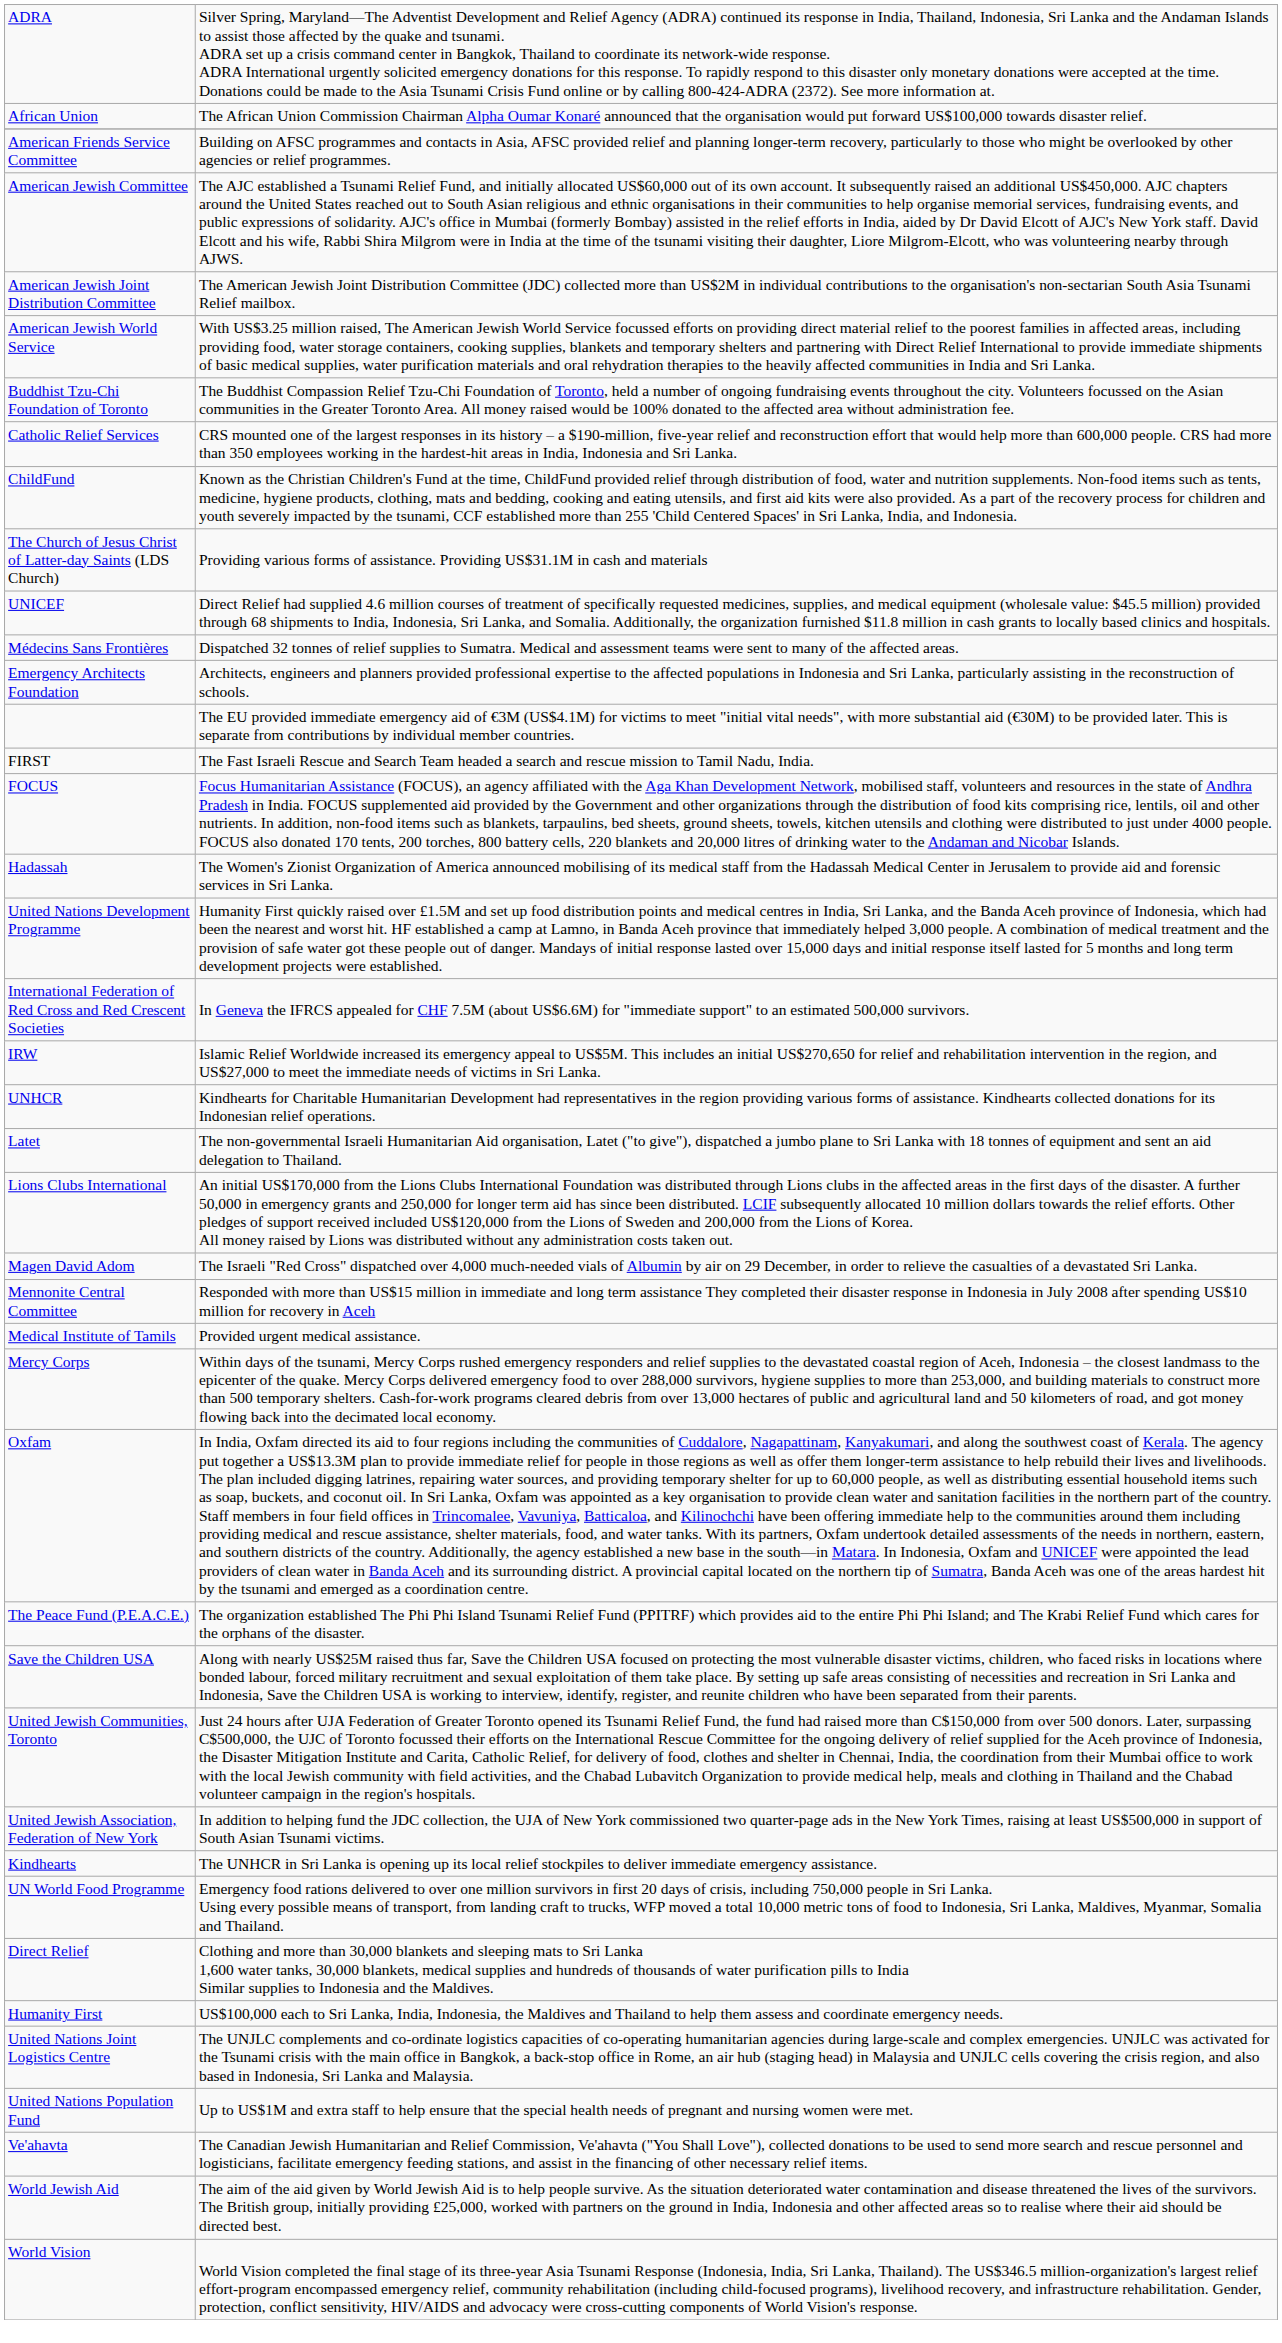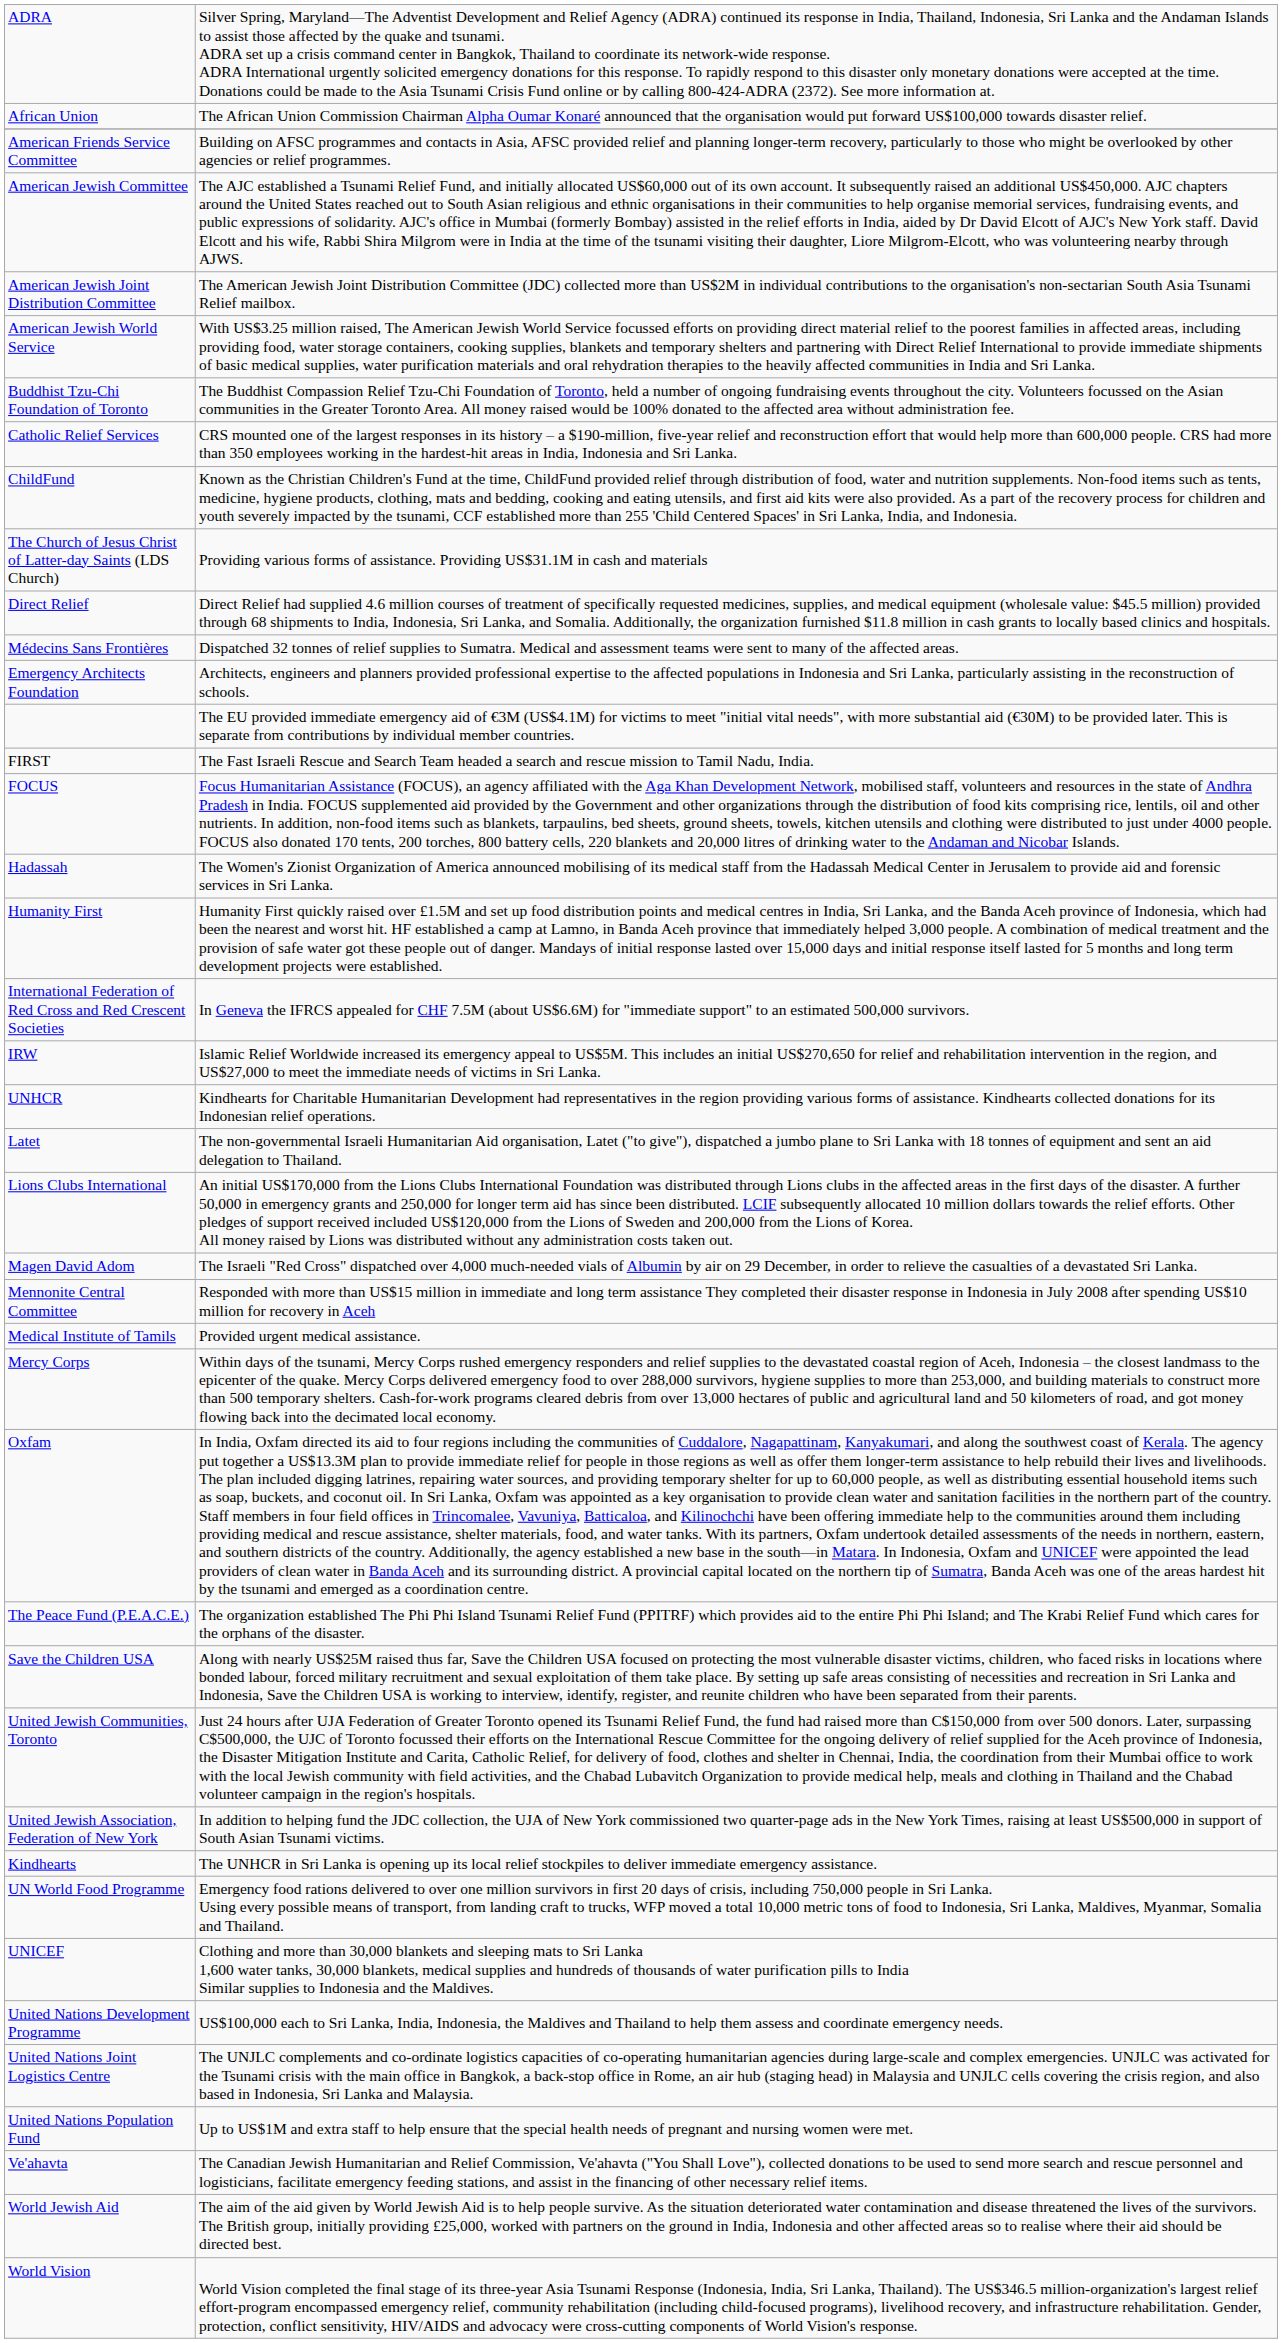 <table class="wikitable" style="font-size: 95%;">
 <tr>
 <td style="width:180px; vertical-align:top;"><a href='#'>ADRA</a></td>
 <td>Silver Spring, Maryland—The Adventist Development and Relief Agency (ADRA) continued its response in India, Thailand, Indonesia, Sri Lanka and the Andaman Islands to assist those affected by the quake and tsunami.<br>ADRA set up a crisis command center in Bangkok, Thailand to coordinate its network-wide response.<br>ADRA International urgently solicited emergency donations for this response. To rapidly respond to this disaster only monetary donations were accepted at the time. Donations could be made to the Asia Tsunami Crisis Fund online or by calling 800-424-ADRA (2372). See more information at.</td>
 </tr>
 <tr>
 <td valign="top"><a href='#'>African Union</a></td>
 <td>The African Union Commission Chairman <a href='#'>Alpha Oumar Konaré</a> announced that the organisation would put forward US$100,000 towards disaster relief.</td>
 </tr>
 <tr>
 </tr>
 <tr>
 <td valign="top"><a href='#'>American Friends Service Committee</a></td>
 <td>Building on AFSC programmes and contacts in Asia, AFSC provided relief and planning longer-term recovery, particularly to those who might be overlooked by other agencies or relief programmes.</td>
 </tr>
 <tr>
 <td valign="top"><a href='#'>American Jewish Committee</a></td>
 <td>The AJC established a Tsunami Relief Fund, and initially allocated US$60,000 out of its own account. It subsequently raised an additional US$450,000. AJC chapters around the United States reached out to South Asian religious and ethnic organisations in their communities to help organise memorial services, fundraising events, and public expressions of solidarity. AJC's office in Mumbai (formerly Bombay) assisted in the relief efforts in India, aided by Dr David Elcott of AJC's New York staff. David Elcott and his wife, Rabbi Shira Milgrom were in India at the time of the tsunami visiting their daughter, Liore Milgrom-Elcott, who was volunteering nearby through AJWS.</td>
 </tr>
 <tr>
 <td valign="top"><a href='#'>American Jewish Joint Distribution Committee</a></td>
 <td>The American Jewish Joint Distribution Committee (JDC) collected more than US$2M in individual contributions to the organisation's non-sectarian South Asia Tsunami Relief mailbox.</td>
 </tr>
 <tr>
 <td valign="top"><a href='#'>American Jewish World Service</a></td>
 <td>With US$3.25 million raised, The American Jewish World Service focussed efforts on providing direct material relief to the poorest families in affected areas, including providing food, water storage containers, cooking supplies, blankets and temporary shelters and partnering with Direct Relief International to provide immediate shipments of basic medical supplies, water purification materials and oral rehydration therapies to the heavily affected communities in India and Sri Lanka.</td>
 </tr>
 <tr>
 <td valign="top"><a href='#'>Buddhist Tzu-Chi Foundation of Toronto</a></td>
 <td>The Buddhist Compassion Relief Tzu-Chi Foundation of <a href='#'>Toronto</a>, held a number of ongoing fundraising events throughout the city. Volunteers focussed on the Asian communities in the Greater Toronto Area. All money raised would be 100% donated to the affected area without administration fee.</td>
 </tr>
 <tr>
 <td valign="top"><a href='#'>Catholic Relief Services</a></td>
 <td>CRS mounted one of the largest responses in its history – a $190-million, five-year relief and reconstruction effort that would help more than 600,000 people. CRS had more than 350 employees working in the hardest-hit areas in India, Indonesia and Sri Lanka.</td>
 </tr>
 <tr>
 <td valign="top"><a href='#'>ChildFund</a></td>
 <td>Known as the Christian Children's Fund at the time, ChildFund provided relief through distribution of food, water and nutrition supplements. Non-food items such as tents, medicine, hygiene products, clothing, mats and bedding, cooking and eating utensils, and first aid kits were also provided. As a part of the recovery process for children and youth severely impacted by the tsunami, CCF established more than 255 'Child Centered Spaces' in Sri Lanka, India, and Indonesia.</td>
 </tr>
 <tr>
 <td valign="top"><a href='#'>The Church of Jesus Christ of Latter-day Saints</a> (LDS Church)</td>
 <td>Providing various forms of assistance. Providing US$31.1M in cash and materials</td>
 </tr>
 <tr>
-<td valign="top"><a href='#'>UNICEF</a></td>
+<td valign="top"><a href='#'>Direct Relief</a><br></td>
 <td>Direct Relief had supplied 4.6 million courses of treatment of specifically requested medicines, supplies, and medical equipment (wholesale value: $45.5 million) provided through 68 shipments to India, Indonesia, Sri Lanka, and Somalia. Additionally, the organization furnished $11.8 million in cash grants to locally based clinics and hospitals.</td>
 </tr>
 <tr>
 <td valign="top"><a href='#'>Médecins Sans Frontières</a></td>
 <td>Dispatched 32 tonnes of relief supplies to Sumatra. Medical and assessment teams were sent to many of the affected areas.</td>
 </tr>
 <tr>
 <td valign="top"><a href='#'>Emergency Architects Foundation</a></td>
 <td>Architects, engineers and planners provided professional expertise to the affected populations in Indonesia and Sri Lanka, particularly assisting in the reconstruction of schools.</td>
 </tr>
 <tr>
 <td valign="top"></td>
 <td>The EU provided immediate emergency aid of €3M (US$4.1M) for victims to meet "initial vital needs", with more substantial aid (€30M) to be provided later. This is separate from contributions by individual member countries.</td>
 </tr>
 <tr>
 <td valign="top">FIRST</td>
 <td>The Fast Israeli Rescue and Search Team headed a search and rescue mission to Tamil Nadu, India.</td>
 </tr>
 <tr>
 <td valign="top"><a href='#'>FOCUS</a></td>
 <td><a href='#'>Focus Humanitarian Assistance</a> (FOCUS), an agency affiliated with the <a href='#'>Aga Khan Development Network</a>, mobilised staff, volunteers and resources in the state of <a href='#'>Andhra Pradesh</a> in India. FOCUS supplemented aid provided by the Government and other organizations through the distribution of food kits comprising rice, lentils, oil and other nutrients. In addition, non-food items such as blankets, tarpaulins, bed sheets, ground sheets, towels, kitchen utensils and clothing were distributed to just under 4000 people. FOCUS also donated 170 tents, 200 torches, 800 battery cells, 220 blankets and 20,000 litres of drinking water to the <a href='#'>Andaman and Nicobar</a> Islands.</td>
 </tr>
 <tr>
 <td valign="top"><a href='#'>Hadassah</a></td>
 <td>The Women's Zionist Organization of America announced mobilising of its medical staff from the Hadassah Medical Center in Jerusalem to provide aid and forensic services in Sri Lanka.</td>
 </tr>
 <tr>
-<td valign="top"><a href='#'>United Nations Development Programme</a></td>
+<td valign="top"><a href='#'>Humanity First</a></td>
 <td>Humanity First quickly raised over £1.5M and set up food distribution points and medical centres in India, Sri Lanka, and the Banda Aceh province of Indonesia, which had been the nearest and worst hit. HF established a camp at Lamno, in Banda Aceh province that immediately helped 3,000 people. A combination of medical treatment and the provision of safe water got these people out of danger. Mandays of initial response lasted over 15,000 days and initial response itself lasted for 5 months and long term development projects were established.</td>
 </tr>
 <tr>
 <td valign="top"> <a href='#'>International Federation of Red Cross and Red Crescent Societies</a></td>
 <td>In <a href='#'>Geneva</a> the IFRCS appealed for <a href='#'>CHF</a> 7.5M (about US$6.6M) for "immediate support" to an estimated 500,000 survivors.</td>
 </tr>
 <tr>
 <td valign="top"><a href='#'>IRW</a></td>
 <td>Islamic Relief Worldwide increased its emergency appeal to US$5M. This includes an initial US$270,650 for relief and rehabilitation intervention in the region, and US$27,000 to meet the immediate needs of victims in Sri Lanka.</td>
 </tr>
 <tr>
 <td valign="top"><a href='#'>UNHCR</a></td>
 <td>Kindhearts for Charitable Humanitarian Development had representatives in the region providing various forms of assistance. Kindhearts collected donations for its Indonesian relief operations.</td>
 </tr>
 <tr>
 <td valign="top"><a href='#'>Latet</a></td>
 <td>The non-governmental Israeli Humanitarian Aid organisation, Latet ("to give"), dispatched a jumbo plane to Sri Lanka with 18 tonnes of equipment and sent an aid delegation to Thailand.</td>
 </tr>
 <tr>
 <td valign="top"><a href='#'>Lions Clubs International</a></td>
 <td>An initial US$170,000 from the Lions Clubs International Foundation was distributed through Lions clubs in the affected areas in the first days of the disaster. A further 50,000 in emergency grants and 250,000 for longer term aid has since been distributed. <a href='#'>LCIF</a> subsequently allocated 10 million dollars towards the relief efforts. Other pledges of support received included US$120,000 from the Lions of Sweden and 200,000 from the Lions of Korea.<br>All money raised by Lions was distributed without any administration costs taken out.</td>
 </tr>
 <tr>
 <td valign="top"><a href='#'>Magen David Adom</a></td>
 <td>The Israeli "Red Cross" dispatched over 4,000 much-needed vials of <a href='#'>Albumin</a> by air on 29 December, in order to relieve the casualties of a devastated Sri Lanka.</td>
 </tr>
 <tr>
 <td valign="top"><a href='#'>Mennonite Central Committee</a></td>
 <td>Responded with more than US$15 million in immediate and long term assistance They completed their disaster response in Indonesia in July 2008 after spending US$10 million for recovery in <a href='#'>Aceh</a></td>
 </tr>
 <tr>
 <td valign="top"><a href='#'>Medical Institute of Tamils</a></td>
 <td>Provided urgent medical assistance.</td>
 </tr>
 <tr>
 <td valign="top"><a href='#'>Mercy Corps</a></td>
 <td>Within days of the tsunami, Mercy Corps rushed emergency responders and relief supplies to the devastated coastal region of Aceh, Indonesia – the closest landmass to the epicenter of the quake. Mercy Corps delivered emergency food to over 288,000 survivors, hygiene supplies to more than 253,000, and building materials to construct more than 500 temporary shelters. Cash-for-work programs cleared debris from over 13,000 hectares of public and agricultural land and 50 kilometers of road, and got money flowing back into the decimated local economy.</td>
 </tr>
 <tr>
 <td valign="top"><a href='#'>Oxfam</a></td>
 <td>In India, Oxfam directed its aid to four regions including the communities of <a href='#'>Cuddalore</a>, <a href='#'>Nagapattinam</a>, <a href='#'>Kanyakumari</a>, and along the southwest coast of <a href='#'>Kerala</a>. The agency put together a US$13.3M plan to provide immediate relief for people in those regions as well as offer them longer-term assistance to help rebuild their lives and livelihoods. The plan included digging latrines, repairing water sources, and providing temporary shelter for up to 60,000 people, as well as distributing essential household items such as soap, buckets, and coconut oil. In Sri Lanka, Oxfam was appointed as a key organisation to provide clean water and sanitation facilities in the northern part of the country. Staff members in four field offices in <a href='#'>Trincomalee</a>, <a href='#'>Vavuniya</a>, <a href='#'>Batticaloa</a>, and <a href='#'>Kilinochchi</a> have been offering immediate help to the communities around them including providing medical and rescue assistance, shelter materials, food, and water tanks. With its partners, Oxfam undertook detailed assessments of the needs in northern, eastern, and southern districts of the country. Additionally, the agency established a new base in the south—in <a href='#'>Matara</a>. In Indonesia, Oxfam and <a href='#'>UNICEF</a> were appointed the lead providers of clean water in <a href='#'>Banda Aceh</a> and its surrounding district. A provincial capital located on the northern tip of <a href='#'>Sumatra</a>, Banda Aceh was one of the areas hardest hit by the tsunami and emerged as a coordination centre.</td>
 </tr>
 <tr>
 <td valign="top"><a href='#'>The Peace Fund (P.E.A.C.E.)</a></td>
 <td>The organization established The Phi Phi Island Tsunami Relief Fund (PPITRF) which provides aid to the entire Phi Phi Island; and The Krabi Relief Fund which cares for the orphans of the disaster.</td>
 </tr>
 <tr>
 <td valign="top"><a href='#'>Save the Children USA</a></td>
 <td>Along with nearly US$25M raised thus far, Save the Children USA focused on protecting the most vulnerable disaster victims, children, who faced risks in locations where bonded labour, forced military recruitment and sexual exploitation of them take place. By setting up safe areas consisting of necessities and recreation in Sri Lanka and Indonesia, Save the Children USA is working to interview, identify, register, and reunite children who have been separated from their parents.</td>
 </tr>
 <tr>
 <td valign="top"><a href='#'>United Jewish Communities, Toronto</a></td>
 <td>Just 24 hours after UJA Federation of Greater Toronto opened its Tsunami Relief Fund, the fund had raised more than C$150,000 from over 500 donors. Later, surpassing C$500,000, the UJC of Toronto focussed their efforts on the International Rescue Committee for the ongoing delivery of relief supplied for the Aceh province of Indonesia, the Disaster Mitigation Institute and Carita, Catholic Relief, for delivery of food, clothes and shelter in Chennai, India, the coordination from their Mumbai office to work with the local Jewish community with field activities, and the Chabad Lubavitch Organization to provide medical help, meals and clothing in Thailand and the Chabad volunteer campaign in the region's hospitals.</td>
 </tr>
 <tr>
 <td valign="top"><a href='#'>United Jewish Association, Federation of New York</a></td>
 <td>In addition to helping fund the JDC collection, the UJA of New York commissioned two quarter-page ads in the New York Times, raising at least US$500,000 in support of South Asian Tsunami victims.</td>
 </tr>
 <tr>
 <td valign="top"><a href='#'>Kindhearts</a></td>
 <td>The UNHCR in Sri Lanka is opening up its local relief stockpiles to deliver immediate emergency assistance.</td>
 </tr>
 <tr>
 <td valign="top"><a href='#'>UN World Food Programme</a></td>
 <td>Emergency food rations delivered to over one million survivors in first 20 days of crisis, including 750,000 people in Sri Lanka.<br>Using every possible means of transport, from landing craft to trucks, WFP moved a total 10,000 metric tons of food to Indonesia, Sri Lanka, Maldives, Myanmar, Somalia and Thailand.</td>
 </tr>
 <tr>
-<td valign="top"><a href='#'>Direct Relief</a><br></td>
+<td valign="top"><a href='#'>UNICEF</a></td>
 <td>Clothing and more than 30,000 blankets and sleeping mats to Sri Lanka<br>1,600 water tanks, 30,000 blankets, medical supplies and hundreds of thousands of water purification pills to India<br>Similar supplies to Indonesia and the Maldives.</td>
 </tr>
 <tr>
-<td valign="top"><a href='#'>Humanity First</a></td>
+<td valign="top"><a href='#'>United Nations Development Programme</a></td>
 <td>US$100,000 each to Sri Lanka, India, Indonesia, the Maldives and Thailand to help them assess and coordinate emergency needs.</td>
 </tr>
 <tr>
 <td valign="top"><a href='#'>United Nations Joint Logistics Centre</a></td>
 <td>The UNJLC complements and co-ordinate logistics capacities of co-operating humanitarian agencies during large-scale and complex emergencies. UNJLC was activated for the Tsunami crisis with the main office in Bangkok, a back-stop office in Rome, an air hub (staging head) in Malaysia and UNJLC cells covering the crisis region, and also based in Indonesia, Sri Lanka and Malaysia.</td>
 </tr>
 <tr>
 <td valign="top"><a href='#'>United Nations Population Fund</a></td>
 <td>Up to US$1M and extra staff to help ensure that the special health needs of pregnant and nursing women were met.</td>
 </tr>
 <tr>
 <td valign="top"><a href='#'>Ve'ahavta</a></td>
 <td>The Canadian Jewish Humanitarian and Relief Commission, Ve'ahavta ("You Shall Love"), collected donations to be used to send more search and rescue personnel and logisticians, facilitate emergency feeding stations, and assist in the financing of other necessary relief items.</td>
 </tr>
 <tr>
 <td valign="top"><a href='#'>World Jewish Aid</a></td>
 <td>The aim of the aid given by World Jewish Aid is to help people survive. As the situation deteriorated water contamination and disease threatened the lives of the survivors. The British group, initially providing £25,000, worked with partners on the ground in India, Indonesia and other affected areas so to realise where their aid should be directed best.</td>
 </tr>
 <tr>
 <td valign="top"><a href='#'>World Vision</a></td>
 <td><br>World Vision completed the final stage of its three-year Asia Tsunami Response (Indonesia, India, Sri Lanka, Thailand). The US$346.5 million-organization's largest relief effort-program encompassed emergency relief, community rehabilitation (including child-focused programs), livelihood recovery, and infrastructure rehabilitation. Gender, protection, conflict sensitivity, HIV/AIDS and advocacy were cross-cutting components of World Vision's response.</td>
 </tr>
 </table>
